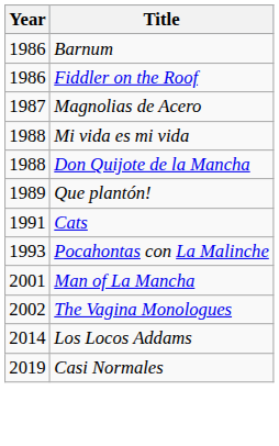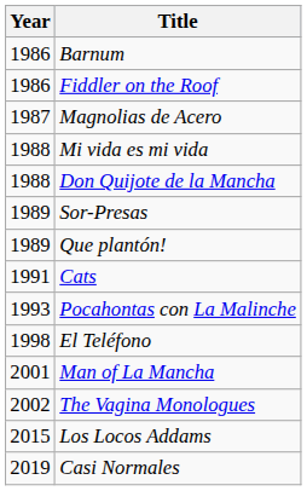 <table class="wikitable">
 <tr style="background:#b0c4de;">
 <th>Year</th>
 <th>Title</th>
 </tr>
 <tr>
 <td>1986</td>
 <td><em>Barnum</em></td>
 </tr>
 <tr>
 <td>1986</td>
 <td><em><a href='#'>Fiddler on the Roof</a></em></td>
 </tr>
 <tr>
 <td>1987</td>
 <td><em>Magnolias de Acero</em></td>
 </tr>
 <tr>
 <td>1988</td>
 <td><em>Mi vida es mi vida</em></td>
 </tr>
 <tr>
 <td>1988</td>
 <td><em><a href='#'>Don Quijote de la Mancha</a></em></td>
 </tr>
 <tr>
 <td>1989</td>
+<td><em>Sor-Presas</em></td>
+</tr>
+<tr>
+<td>1989</td>
 <td><em>Que plantón!</em></td>
 </tr>
 <tr>
 <td>1991</td>
 <td><em><a href='#'>Cats</a></em></td>
 </tr>
 <tr>
 <td>1993</td>
 <td><em><a href='#'>Pocahontas</a> con <a href='#'>La Malinche</a></em></td>
 </tr>
 <tr>
+<td>1998</td>
+<td><em>El Teléfono</em></td>
+</tr>
+<tr>
 <td>2001</td>
 <td><em><a href='#'>Man of La Mancha</a></em></td>
 </tr>
 <tr>
 <td>2002</td>
 <td><em><a href='#'>The Vagina Monologues</a></em></td>
 </tr>
 <tr>
-<td>2014</td>
+<td>2015</td>
 <td><em>Los Locos Addams</em></td>
 </tr>
 <tr>
 <td>2019</td>
 <td><em>Casi Normales</em></td>
 </tr>
 </table>
